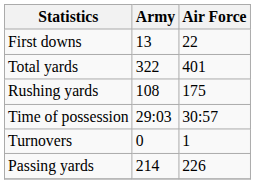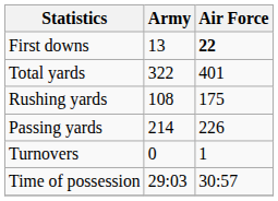 <table class="wikitable">
 <tr>
 <th>Statistics</th>
 <th>Army</th>
 <th>Air Force</th>
 </tr>
 <tr>
 <td>First downs</td>
 <td>13</td>
-<td>22</td>
+<td><strong>22</strong></td>
 </tr>
 <tr>
 <td>Total yards</td>
 <td>322</td>
 <td>401</td>
 </tr>
 <tr>
 <td>Rushing yards</td>
 <td>108</td>
 <td>175</td>
 </tr>
 <tr>
-<td>Time of possession</td>
-<td>29:03</td>
-<td>30:57</td>
+<td>Passing yards</td>
+<td>214</td>
+<td>226</td>
 </tr>
 <tr>
 <td>Turnovers</td>
 <td>0</td>
 <td>1</td>
 </tr>
 <tr>
-<td>Passing yards</td>
-<td>214</td>
-<td>226</td>
+<td>Time of possession</td>
+<td>29:03</td>
+<td>30:57</td>
 </tr>
 <tr>
 </tr>
 </table>
